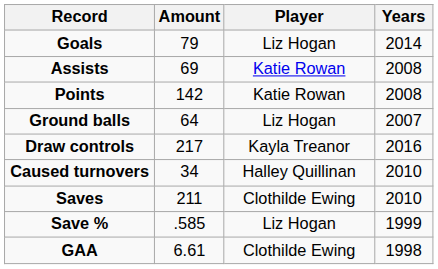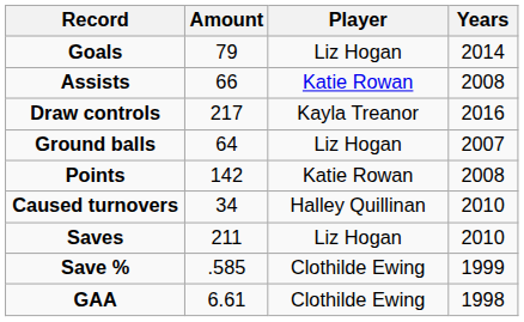 <table class="wikitable">
 <tr>
 <th style="width:140px; ">Record</th>
 <th style="width:35px; ">Amount</th>
 <th style="width:140px; ">Player</th>
 <th style="width:50px; ">Years</th>
 </tr>
 <tr style="text-align:center;">
 <td><strong>Goals</strong></td>
 <td>79</td>
 <td>Liz Hogan</td>
 <td>2014</td>
 </tr>
 <tr style="text-align:center;">
 <td><strong>Assists</strong></td>
-<td>69</td>
+<td>66</td>
 <td><a href='#'>Katie Rowan</a></td>
 <td>2008</td>
 </tr>
 <tr style="text-align:center;">
-<td><strong>Points</strong></td>
-<td>142</td>
-<td>Katie Rowan</td>
-<td>2008</td>
+<td><strong>Draw controls</strong></td>
+<td>217</td>
+<td>Kayla Treanor</td>
+<td>2016</td>
 </tr>
 <tr style="text-align:center;">
 <td><strong>Ground balls</strong></td>
 <td>64</td>
 <td>Liz Hogan</td>
 <td>2007</td>
 </tr>
 <tr style="text-align:center;">
-<td><strong>Draw controls</strong></td>
-<td>217</td>
-<td>Kayla Treanor</td>
-<td>2016</td>
+<td><strong>Points</strong></td>
+<td>142</td>
+<td>Katie Rowan</td>
+<td>2008</td>
 </tr>
 <tr style="text-align:center;">
 <td><strong>Caused turnovers</strong></td>
 <td>34</td>
 <td>Halley Quillinan</td>
 <td>2010</td>
 </tr>
 <tr style="text-align:center;">
 <td><strong>Saves</strong></td>
 <td>211</td>
-<td>Clothilde Ewing</td>
+<td>Liz Hogan</td>
 <td>2010</td>
 </tr>
 <tr style="text-align:center;">
 <td><strong>Save %</strong></td>
 <td>.585</td>
-<td>Liz Hogan</td>
+<td>Clothilde Ewing</td>
 <td>1999</td>
 </tr>
 <tr style="text-align:center;">
 <td><strong>GAA</strong></td>
 <td>6.61</td>
 <td>Clothilde Ewing</td>
 <td>1998</td>
 </tr>
 </table>
